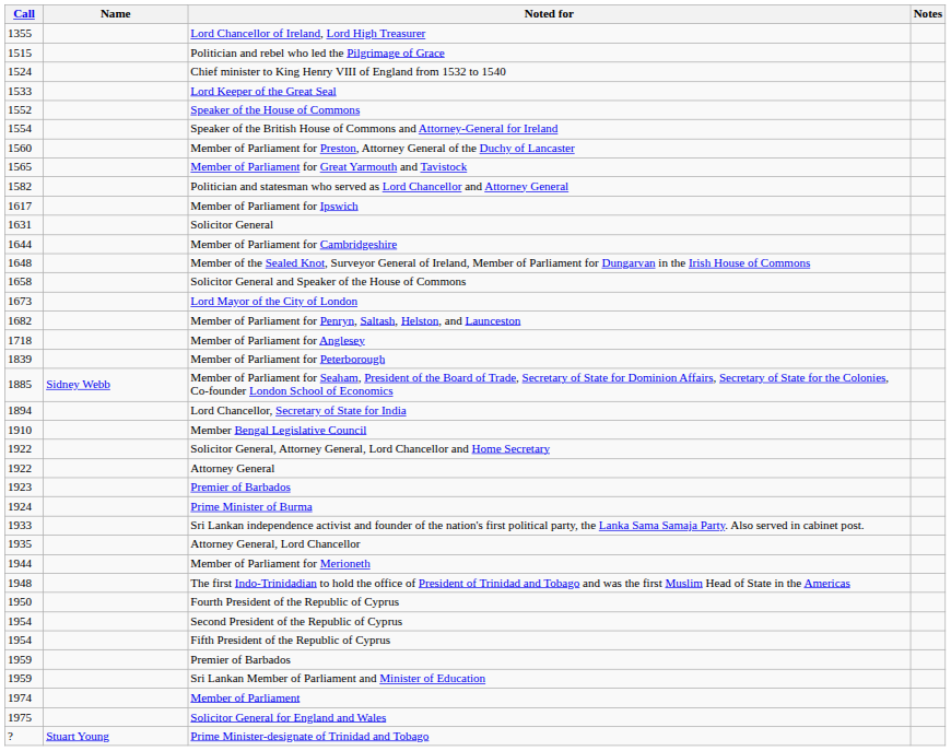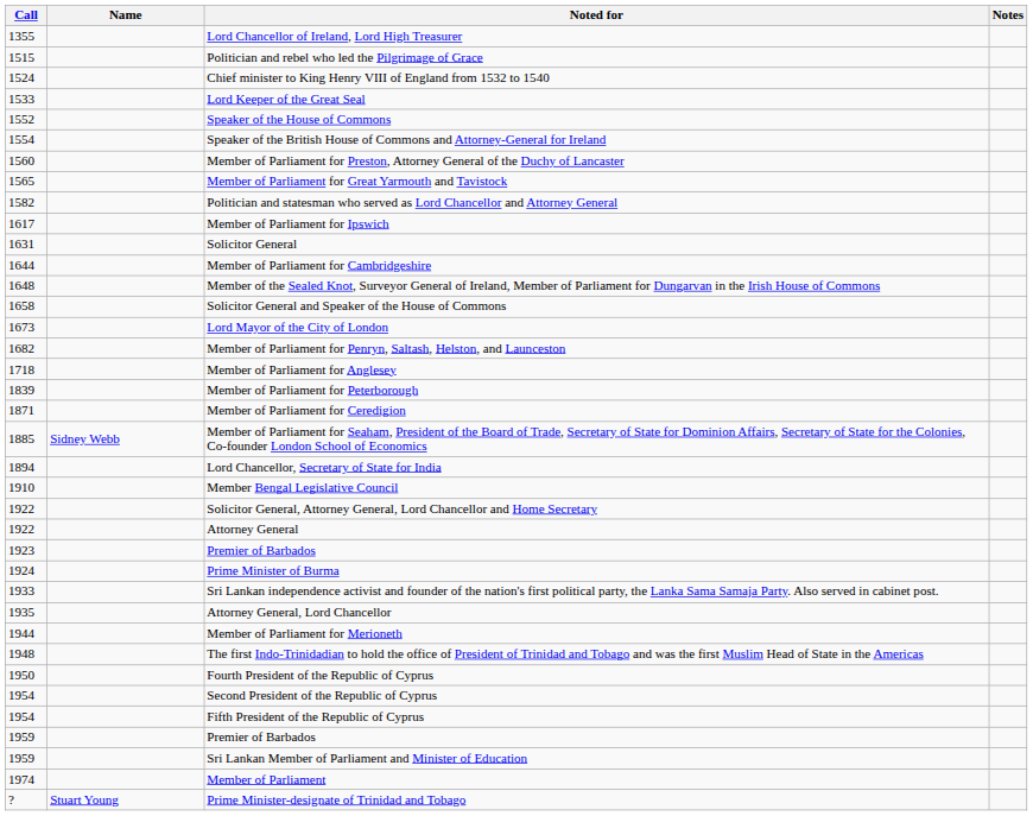 <table class="wikitable sortable" border="1" style="align:left;">
 <tr>
 <th width="4%"><a href='#'>Call</a></th>
 <th width="15%">Name</th>
 <th width="75%" class="unsortable">Noted for</th>
 <th width="2%" class="unsortable">Notes</th>
 </tr>
 <tr>
 <td>1355</td>
 <td></td>
 <td><a href='#'>Lord Chancellor of Ireland</a>, <a href='#'>Lord High Treasurer</a></td>
 <td></td>
 </tr>
 <tr>
 <td>1515</td>
 <td></td>
 <td>Politician and rebel who led the <a href='#'>Pilgrimage of Grace</a></td>
 <td></td>
 </tr>
 <tr>
 <td>1524</td>
 <td></td>
 <td>Chief minister to King Henry VIII of England from 1532 to 1540</td>
 <td></td>
 </tr>
 <tr>
 <td>1533</td>
 <td></td>
 <td><a href='#'>Lord Keeper of the Great Seal</a></td>
 <td></td>
 </tr>
 <tr>
 <td>1552</td>
 <td></td>
 <td><a href='#'>Speaker of the House of Commons</a></td>
 <td></td>
 </tr>
 <tr>
 <td>1554</td>
 <td></td>
 <td>Speaker of the British House of Commons and <a href='#'>Attorney-General for Ireland</a></td>
 <td></td>
 </tr>
 <tr>
 <td>1560</td>
 <td></td>
 <td>Member of Parliament for <a href='#'>Preston</a>, Attorney General of the <a href='#'>Duchy of Lancaster</a></td>
 <td></td>
 </tr>
 <tr>
 <td>1565</td>
 <td></td>
 <td><a href='#'>Member of Parliament</a> for <a href='#'>Great Yarmouth</a> and <a href='#'>Tavistock</a></td>
 <td></td>
 </tr>
 <tr>
 <td>1582</td>
 <td></td>
 <td>Politician and statesman who served as <a href='#'>Lord Chancellor</a> and <a href='#'>Attorney General</a></td>
 <td></td>
 </tr>
 <tr>
 <td>1617</td>
 <td></td>
 <td>Member of Parliament for <a href='#'>Ipswich</a></td>
 <td></td>
 </tr>
 <tr>
 <td>1631</td>
 <td></td>
 <td>Solicitor General</td>
 <td></td>
 </tr>
 <tr>
 <td>1644</td>
 <td></td>
 <td>Member of Parliament for <a href='#'>Cambridgeshire</a></td>
 <td></td>
 </tr>
 <tr>
 <td>1648</td>
 <td></td>
 <td>Member of the <a href='#'>Sealed Knot</a>, Surveyor General of Ireland, Member of Parliament for <a href='#'>Dungarvan</a> in the <a href='#'>Irish House of Commons</a></td>
 <td></td>
 </tr>
 <tr>
 <td>1658</td>
 <td></td>
 <td>Solicitor General and Speaker of the House of Commons</td>
 <td></td>
 </tr>
 <tr>
 <td>1673</td>
 <td></td>
 <td><a href='#'>Lord Mayor of the City of London</a></td>
 <td></td>
 </tr>
 <tr>
 <td>1682</td>
 <td></td>
 <td>Member of Parliament for <a href='#'>Penryn</a>, <a href='#'>Saltash</a>, <a href='#'>Helston</a>, and <a href='#'>Launceston</a></td>
 <td></td>
 </tr>
 <tr>
 <td>1718</td>
 <td></td>
 <td>Member of Parliament for <a href='#'>Anglesey</a></td>
 <td></td>
 </tr>
 <tr>
 <td>1839</td>
 <td></td>
 <td>Member of Parliament for <a href='#'>Peterborough</a></td>
 <td></td>
 </tr>
 <tr>
+<td>1871</td>
+<td></td>
+<td>Member of Parliament for <a href='#'>Ceredigion</a></td>
+<td></td>
+</tr>
+<tr>
 <td>1885</td>
 <td><a href='#'>Sidney Webb</a></td>
 <td>Member of Parliament for <a href='#'>Seaham</a>, <a href='#'>President of the Board of Trade</a>, <a href='#'>Secretary of State for Dominion Affairs</a>, <a href='#'>Secretary of State for the Colonies</a>, Co-founder <a href='#'>London School of Economics</a></td>
 <td></td>
 </tr>
 <tr>
 <td>1894</td>
 <td></td>
 <td>Lord Chancellor, <a href='#'>Secretary of State for India</a></td>
 <td></td>
 </tr>
 <tr>
 <td>1910</td>
 <td></td>
 <td>Member <a href='#'>Bengal Legislative Council</a></td>
 <td></td>
 </tr>
 <tr>
 <td>1922</td>
 <td></td>
 <td>Solicitor General, Attorney General, Lord Chancellor and <a href='#'>Home Secretary</a></td>
 <td></td>
 </tr>
 <tr>
 <td>1922</td>
 <td></td>
 <td>Attorney General</td>
 <td></td>
 </tr>
 <tr>
 <td>1923</td>
 <td></td>
 <td><a href='#'>Premier of Barbados</a></td>
 <td></td>
 </tr>
 <tr>
 <td>1924</td>
 <td></td>
 <td><a href='#'>Prime Minister of Burma</a></td>
 <td></td>
 </tr>
 <tr>
 <td>1933</td>
 <td></td>
 <td>Sri Lankan independence activist and founder of the nation's first political party, the <a href='#'>Lanka Sama Samaja Party</a>. Also served in cabinet post.</td>
 <td></td>
 </tr>
 <tr>
 <td>1935</td>
 <td></td>
 <td>Attorney General, Lord Chancellor</td>
 <td></td>
 </tr>
 <tr>
 <td>1944</td>
 <td></td>
 <td>Member of Parliament for <a href='#'>Merioneth</a></td>
 <td></td>
 </tr>
 <tr>
 <td>1948</td>
 <td></td>
 <td>The first <a href='#'>Indo-Trinidadian</a> to hold the office of <a href='#'>President of Trinidad and Tobago</a> and was the first <a href='#'>Muslim</a> Head of State in the <a href='#'>Americas</a></td>
 <td></td>
 </tr>
 <tr>
 <td>1950</td>
 <td></td>
 <td>Fourth President of the Republic of Cyprus</td>
 <td></td>
 </tr>
 <tr>
 <td>1954</td>
 <td></td>
 <td>Second President of the Republic of Cyprus</td>
 <td></td>
 </tr>
 <tr>
 <td>1954</td>
 <td></td>
 <td>Fifth President of the Republic of Cyprus</td>
 <td></td>
 </tr>
 <tr>
 <td>1959</td>
 <td></td>
 <td>Premier of Barbados</td>
 <td></td>
 </tr>
 <tr>
 <td>1959</td>
 <td></td>
 <td>Sri Lankan Member of Parliament and <a href='#'>Minister of Education</a></td>
 <td></td>
 </tr>
 <tr>
 <td>1974</td>
 <td></td>
 <td><a href='#'>Member of Parliament</a></td>
 <td></td>
 </tr>
 <tr>
-<td>1975</td>
-<td></td>
-<td><a href='#'>Solicitor General for England and Wales</a></td>
-<td></td>
-</tr>
-<tr>
 <td>?</td>
 <td><a href='#'>Stuart Young</a></td>
 <td><a href='#'>Prime Minister-designate of Trinidad and Tobago</a></td>
 <td></td>
 </tr>
 </table>
